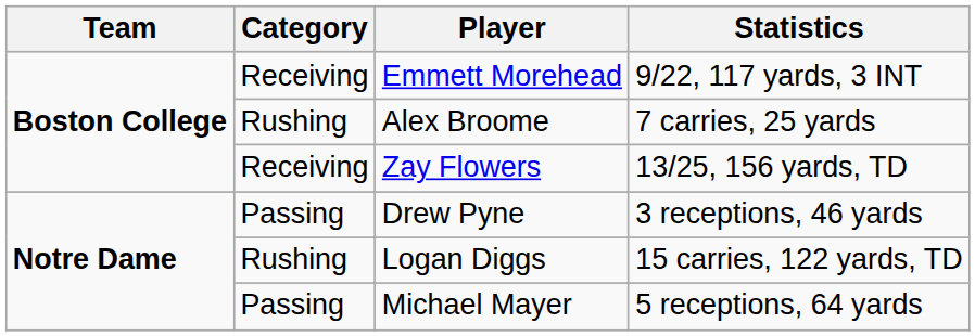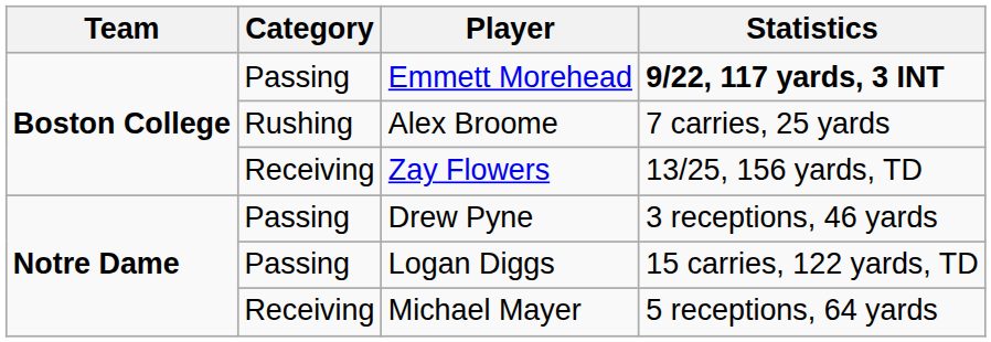 <table class="wikitable" style="float: right;">
 <tr>
 <th>Team</th>
 <th>Category</th>
 <th>Player</th>
 <th>Statistics</th>
 </tr>
 <tr>
 <td rowspan=3><strong>Boston College</strong></td>
-<td>Receiving</td>
+<td>Passing</td>
 <td><a href='#'>Emmett Morehead</a></td>
-<td>9/22, 117 yards, 3 INT</td>
+<td><strong>9/22, 117 yards, 3 INT</strong></td>
 </tr>
 <tr>
 <td>Rushing</td>
 <td>Alex Broome</td>
 <td>7 carries, 25 yards</td>
 </tr>
 <tr>
 <td>Receiving</td>
 <td><a href='#'>Zay Flowers</a></td>
 <td>13/25, 156 yards, TD</td>
 </tr>
 <tr>
 <td rowspan=3><strong>Notre Dame</strong></td>
 <td>Passing</td>
 <td>Drew Pyne</td>
 <td>3 receptions, 46 yards</td>
 </tr>
 <tr>
-<td>Rushing</td>
+<td>Passing</td>
 <td>Logan Diggs</td>
 <td>15 carries, 122 yards, TD</td>
 </tr>
 <tr>
-<td>Passing</td>
+<td>Receiving</td>
 <td>Michael Mayer</td>
 <td>5 receptions, 64 yards</td>
 </tr>
 </table>
